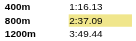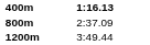 <table>
 <tr>
 <th width=100></th>
 <th width=100></th>
 <th width=200></th>
 </tr>
 <tr>
 <td><strong>400m</strong></td>
-<td>1:16.13</td>
+<td><strong>1:16.13</strong></td>
 <td></td>
 </tr>
 <tr>
 <td><strong>800m</strong></td>
-<td style="background: khaki;">2:37.09</td>
+<td>2:37.09</td>
 <td></td>
 </tr>
 <tr>
 <td><strong>1200m</strong></td>
 <td>3:49.44</td>
 <td></td>
 </tr>
 <tr>
 </tr>
 </table>
